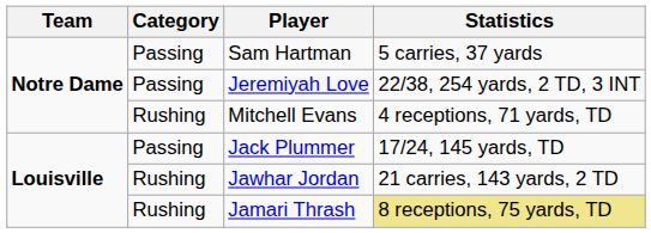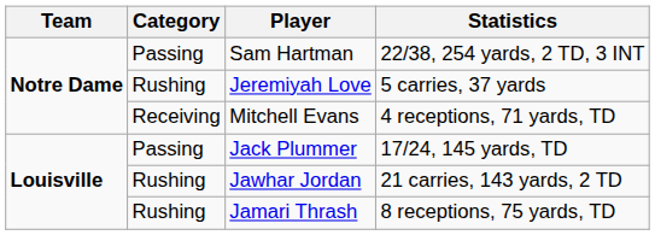 <table class="wikitable" style="float: right;">
 <tr>
 <th>Team</th>
 <th>Category</th>
 <th>Player</th>
 <th>Statistics</th>
 </tr>
 <tr>
 <td rowspan=3><strong>Notre Dame</strong></td>
 <td>Passing</td>
 <td>Sam Hartman</td>
-<td>5 carries, 37 yards</td>
-</tr>
-<tr>
-<td>Passing</td>
-<td><a href='#'>Jeremiyah Love</a></td>
 <td>22/38, 254 yards, 2 TD, 3 INT</td>
 </tr>
 <tr>
 <td>Rushing</td>
+<td><a href='#'>Jeremiyah Love</a></td>
+<td>5 carries, 37 yards</td>
+</tr>
+<tr>
+<td>Receiving</td>
 <td>Mitchell Evans</td>
 <td>4 receptions, 71 yards, TD</td>
 </tr>
 <tr>
 <td rowspan=3><strong>Louisville</strong></td>
 <td>Passing</td>
 <td><a href='#'>Jack Plummer</a></td>
 <td>17/24, 145 yards, TD</td>
 </tr>
 <tr>
 <td>Rushing</td>
 <td><a href='#'>Jawhar Jordan</a></td>
 <td>21 carries, 143 yards, 2 TD</td>
 </tr>
 <tr>
 <td>Rushing</td>
 <td><a href='#'>Jamari Thrash</a></td>
-<td style="background: khaki;">8 receptions, 75 yards, TD</td>
+<td>8 receptions, 75 yards, TD</td>
 </tr>
 </table>
